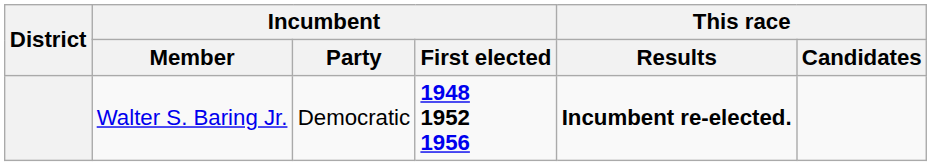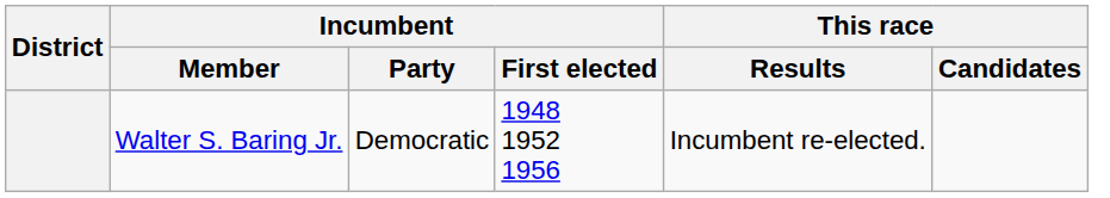 <table class=wikitable>
 <tr>
 <th rowspan=2>District</th>
 <th colspan=3>Incumbent</th>
 <th colspan=2>This race</th>
 </tr>
 <tr>
 <th>Member</th>
 <th>Party</th>
 <th>First elected</th>
 <th>Results</th>
 <th>Candidates</th>
 </tr>
 <tr>
 <th></th>
 <td><a href='#'>Walter S. Baring Jr.</a></td>
 <td>Democratic</td>
-<td><strong><a href='#'>1948</a><br>1952 <br><a href='#'>1956</a></strong></td>
-<td><strong>Incumbent re-elected.</strong></td>
+<td><a href='#'>1948</a><br>1952 <br><a href='#'>1956</a></td>
+<td>Incumbent re-elected.</td>
 <td nowrap></td>
 </tr>
 </table>
